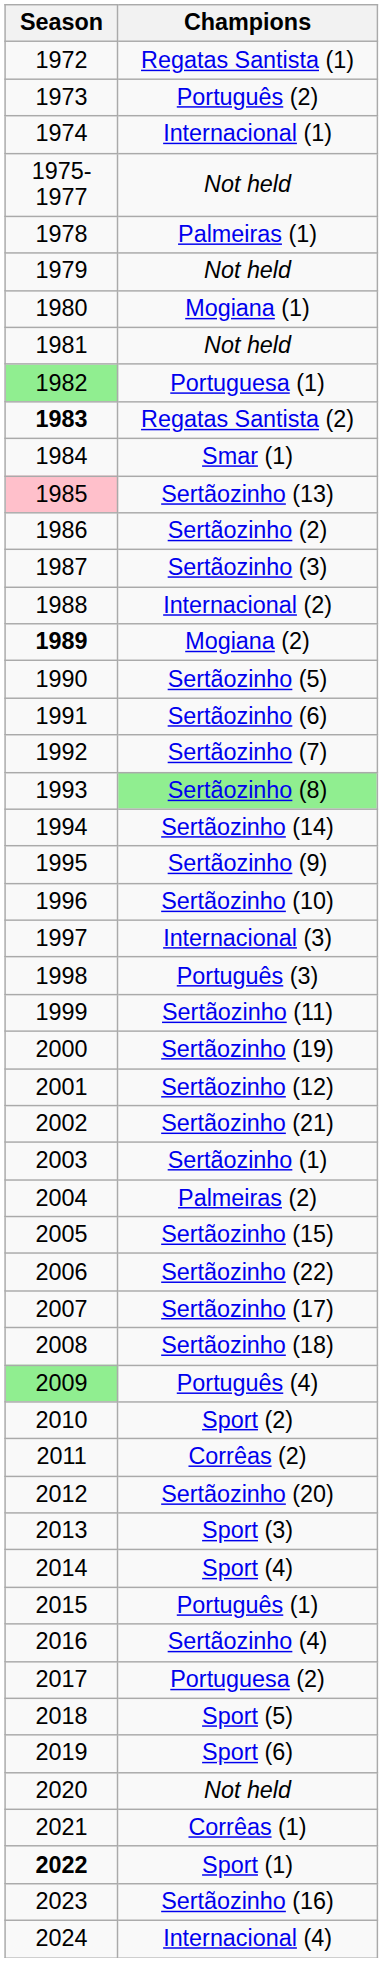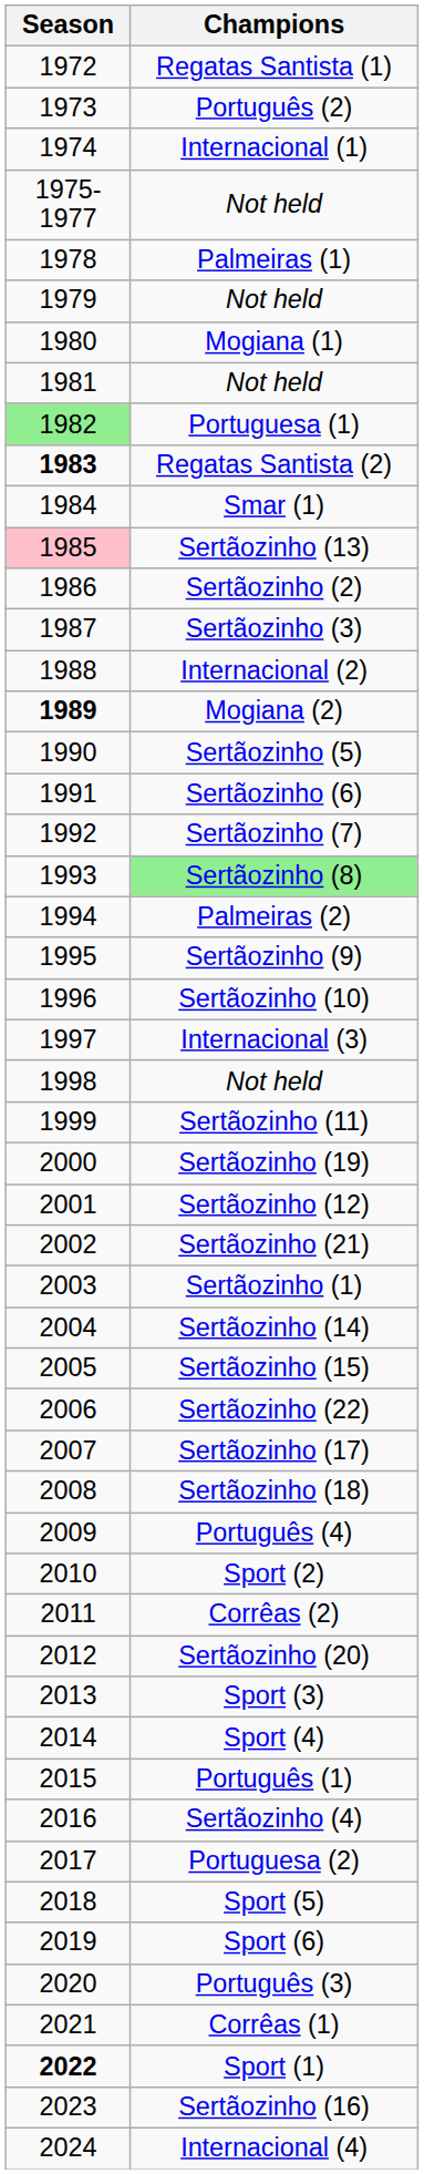 <table class="wikitable" style="text-align:center; margin-left:1em;">
 <tr>
 <th style="width:70px">Season</th>
 <th style="width:170px">Champions</th>
 </tr>
 <tr>
 <td>1972</td>
 <td><a href='#'>Regatas Santista</a> (1)</td>
 </tr>
 <tr>
 <td>1973</td>
 <td><a href='#'>Português</a> (2)</td>
 </tr>
 <tr>
 <td>1974</td>
 <td><a href='#'>Internacional</a> (1)</td>
 </tr>
 <tr>
 <td>1975-1977</td>
 <td><em>Not held</em></td>
 </tr>
 <tr>
 <td>1978</td>
 <td><a href='#'>Palmeiras</a> (1)</td>
 </tr>
 <tr>
 <td>1979</td>
 <td><em>Not held</em></td>
 </tr>
 <tr>
 <td>1980</td>
 <td><a href='#'>Mogiana</a> (1)</td>
 </tr>
 <tr>
 <td>1981</td>
 <td><em>Not held</em></td>
 </tr>
 <tr>
 <td style="background: lightgreen;">1982</td>
 <td><a href='#'>Portuguesa</a> (1)</td>
 </tr>
 <tr>
 <td><strong>1983</strong></td>
 <td><a href='#'>Regatas Santista</a> (2)</td>
 </tr>
 <tr>
 <td>1984</td>
 <td><a href='#'>Smar</a> (1)</td>
 </tr>
 <tr>
 <td style="background: pink;">1985</td>
 <td><a href='#'>Sertãozinho</a> (13)</td>
 </tr>
 <tr>
 <td>1986</td>
 <td><a href='#'>Sertãozinho</a> (2)</td>
 </tr>
 <tr>
 <td>1987</td>
 <td><a href='#'>Sertãozinho</a> (3)</td>
 </tr>
 <tr>
 <td>1988</td>
 <td><a href='#'>Internacional</a> (2)</td>
 </tr>
 <tr>
 <td><strong>1989</strong></td>
 <td><a href='#'>Mogiana</a> (2)</td>
 </tr>
 <tr>
 <td>1990</td>
 <td><a href='#'>Sertãozinho</a> (5)</td>
 </tr>
 <tr>
 <td>1991</td>
 <td><a href='#'>Sertãozinho</a> (6)</td>
 </tr>
 <tr>
 <td>1992</td>
 <td><a href='#'>Sertãozinho</a> (7)</td>
 </tr>
 <tr>
 <td>1993</td>
 <td style="background: lightgreen;"><a href='#'>Sertãozinho</a> (8)</td>
 </tr>
 <tr>
 <td>1994</td>
-<td><a href='#'>Sertãozinho</a> (14)</td>
+<td><a href='#'>Palmeiras</a> (2)</td>
 </tr>
 <tr>
 <td>1995</td>
 <td><a href='#'>Sertãozinho</a> (9)</td>
 </tr>
 <tr>
 <td>1996</td>
 <td><a href='#'>Sertãozinho</a> (10)</td>
 </tr>
 <tr>
 <td>1997</td>
 <td><a href='#'>Internacional</a> (3)</td>
 </tr>
 <tr>
 <td>1998</td>
-<td><a href='#'>Português</a> (3)</td>
+<td><em>Not held</em></td>
 </tr>
 <tr>
 <td>1999</td>
 <td><a href='#'>Sertãozinho</a> (11)</td>
 </tr>
 <tr>
 <td>2000</td>
 <td><a href='#'>Sertãozinho</a> (19)</td>
 </tr>
 <tr>
 <td>2001</td>
 <td><a href='#'>Sertãozinho</a> (12)</td>
 </tr>
 <tr>
 <td>2002</td>
 <td><a href='#'>Sertãozinho</a> (21)</td>
 </tr>
 <tr>
 <td>2003</td>
 <td><a href='#'>Sertãozinho</a> (1)</td>
 </tr>
 <tr>
 <td>2004</td>
-<td><a href='#'>Palmeiras</a> (2)</td>
+<td><a href='#'>Sertãozinho</a> (14)</td>
 </tr>
 <tr>
 <td>2005</td>
 <td><a href='#'>Sertãozinho</a> (15)</td>
 </tr>
 <tr>
 <td>2006</td>
 <td><a href='#'>Sertãozinho</a> (22)</td>
 </tr>
 <tr>
 <td>2007</td>
 <td><a href='#'>Sertãozinho</a> (17)</td>
 </tr>
 <tr>
 <td>2008</td>
 <td><a href='#'>Sertãozinho</a> (18)</td>
 </tr>
 <tr>
-<td style="background: lightgreen;">2009</td>
+<td>2009</td>
 <td><a href='#'>Português</a> (4)</td>
 </tr>
 <tr>
 <td>2010</td>
 <td><a href='#'>Sport</a> (2)</td>
 </tr>
 <tr>
 <td>2011</td>
 <td><a href='#'>Corrêas</a> (2)</td>
 </tr>
 <tr>
 <td>2012</td>
 <td><a href='#'>Sertãozinho</a> (20)</td>
 </tr>
 <tr>
 <td>2013</td>
 <td><a href='#'>Sport</a> (3)</td>
 </tr>
 <tr>
 <td>2014</td>
 <td><a href='#'>Sport</a> (4)</td>
 </tr>
 <tr>
 <td>2015</td>
 <td><a href='#'>Português</a> (1)</td>
 </tr>
 <tr>
 <td>2016</td>
 <td><a href='#'>Sertãozinho</a> (4)</td>
 </tr>
 <tr>
 <td>2017</td>
 <td><a href='#'>Portuguesa</a> (2)</td>
 </tr>
 <tr>
 <td>2018</td>
 <td><a href='#'>Sport</a> (5)</td>
 </tr>
 <tr>
 <td>2019</td>
 <td><a href='#'>Sport</a> (6)</td>
 </tr>
 <tr>
 <td>2020</td>
-<td><em>Not held</em></td>
+<td><a href='#'>Português</a> (3)</td>
 </tr>
 <tr>
 <td>2021</td>
 <td><a href='#'>Corrêas</a> (1)</td>
 </tr>
 <tr>
 <td><strong>2022</strong></td>
 <td><a href='#'>Sport</a> (1)</td>
 </tr>
 <tr>
 <td>2023</td>
 <td><a href='#'>Sertãozinho</a> (16)</td>
 </tr>
 <tr>
 <td>2024 </td>
 <td><a href='#'>Internacional</a> (4)</td>
 </tr>
 </table>
